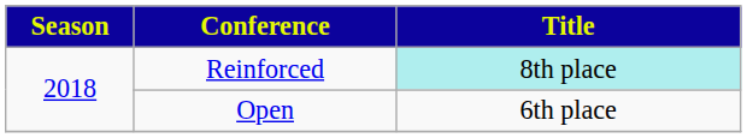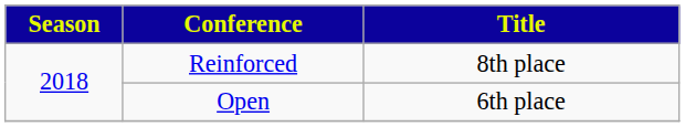 <table class="wikitable" style="text-align:center;">
 <tr>
 <th width=70px style="background: #0C029C; color: #E5F800; text-align: center">Season</th>
 <th width=150px style="background: #0C029C; color: #E5F800">Conference</th>
 <th width=200px style="background: #0C029C; color: #E5F800">Title</th>
 </tr>
 <tr>
 <td rowspan="2"><a href='#'>2018</a></td>
 <td><a href='#'>Reinforced</a></td>
-<td style="background: paleturquoise;">8th place</td>
+<td>8th place</td>
 </tr>
 <tr>
 <td><a href='#'>Open</a></td>
 <td>6th place</td>
 </tr>
 <tr>
 </tr>
 </table>
